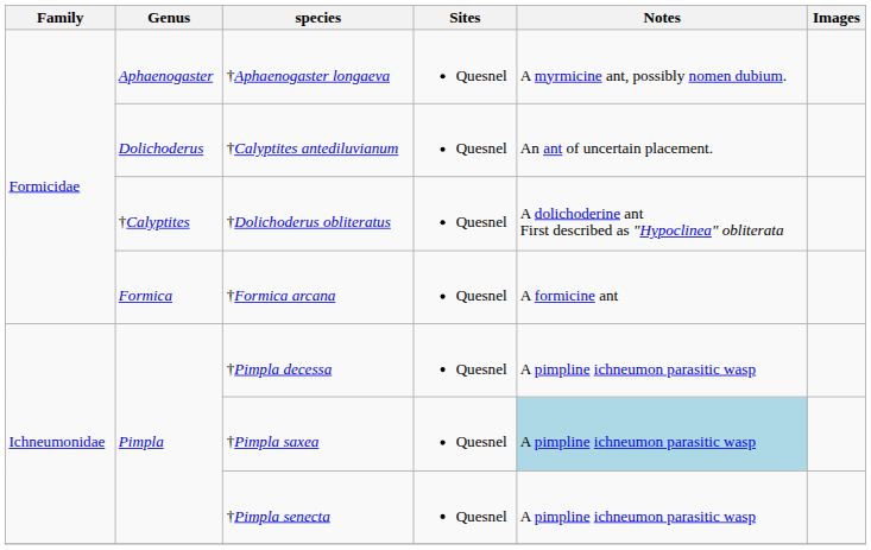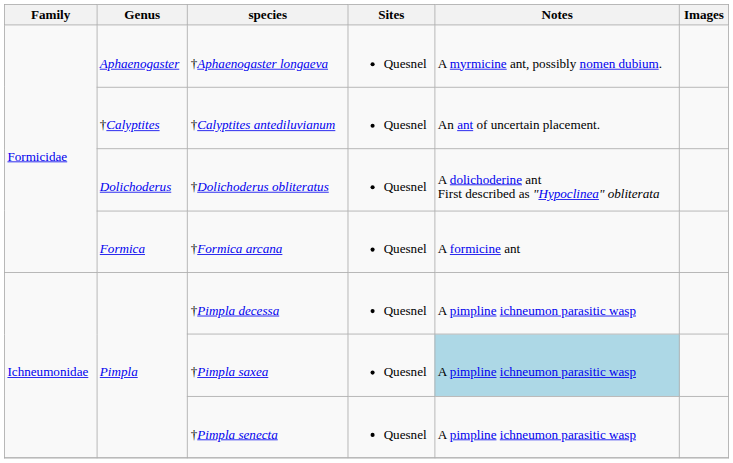 <table class="wikitable sortable"  style="margin:auto; width:100%;">
 <tr>
 <th>Family</th>
 <th>Genus</th>
 <th>species</th>
 <th>Sites</th>
 <th>Notes</th>
 <th>Images</th>
 </tr>
 <tr>
 <td rowspan=4><br><a href='#'>Formicidae</a></td>
 <td><br><em><a href='#'>Aphaenogaster</a></em></td>
 <td><br>†<em><a href='#'>Aphaenogaster longaeva</a></em></td>
 <td><br><ul><li>Quesnel</li></ul></td>
 <td><br>A <a href='#'>myrmicine</a> ant, possibly <a href='#'>nomen dubium</a>.</td>
 <td><br></td>
 </tr>
 <tr>
-<td><br><em><a href='#'>Dolichoderus</a></em></td>
+<td><br>†<em><a href='#'>Calyptites</a></em></td>
 <td><br>†<em><a href='#'>Calyptites antediluvianum</a></em></td>
 <td><br><ul><li>Quesnel</li></ul></td>
 <td><br>An <a href='#'>ant</a> of uncertain placement.</td>
 <td><br></td>
 </tr>
 <tr>
-<td><br>†<em><a href='#'>Calyptites</a></em></td>
+<td><br><em><a href='#'>Dolichoderus</a></em></td>
 <td><br>†<em><a href='#'>Dolichoderus obliteratus</a></em></td>
 <td><br><ul><li>Quesnel</li></ul></td>
 <td><br>A <a href='#'>dolichoderine</a> ant<br> First described as <em>"<a href='#'>Hypoclinea</a>" obliterata</em></td>
 <td><br></td>
 </tr>
 <tr>
 <td><br><em><a href='#'>Formica</a></em></td>
 <td><br>†<em><a href='#'>Formica arcana</a></em></td>
 <td><br><ul><li>Quesnel</li></ul></td>
 <td><br>A <a href='#'>formicine</a> ant</td>
 <td><br></td>
 </tr>
 <tr>
 <td rowspan=3><br><a href='#'>Ichneumonidae</a></td>
 <td rowspan=3><br><em><a href='#'>Pimpla</a></em></td>
 <td><br>†<em><a href='#'>Pimpla decessa</a></em></td>
 <td><br><ul><li>Quesnel</li></ul></td>
 <td><br>A <a href='#'>pimpline</a> <a href='#'>ichneumon parasitic wasp</a></td>
 <td><br></td>
 </tr>
 <tr>
 <td><br>†<em><a href='#'>Pimpla saxea</a></em></td>
 <td><br><ul><li>Quesnel</li></ul></td>
 <td style="background: lightblue;"><br>A <a href='#'>pimpline</a> <a href='#'>ichneumon parasitic wasp</a></td>
 <td><br></td>
 </tr>
 <tr>
 <td><br>†<em><a href='#'>Pimpla senecta</a></em></td>
 <td><br><ul><li>Quesnel</li></ul></td>
 <td><br>A <a href='#'>pimpline</a> <a href='#'>ichneumon parasitic wasp</a></td>
 <td><br></td>
 </tr>
 <tr>
 </tr>
 </table>
